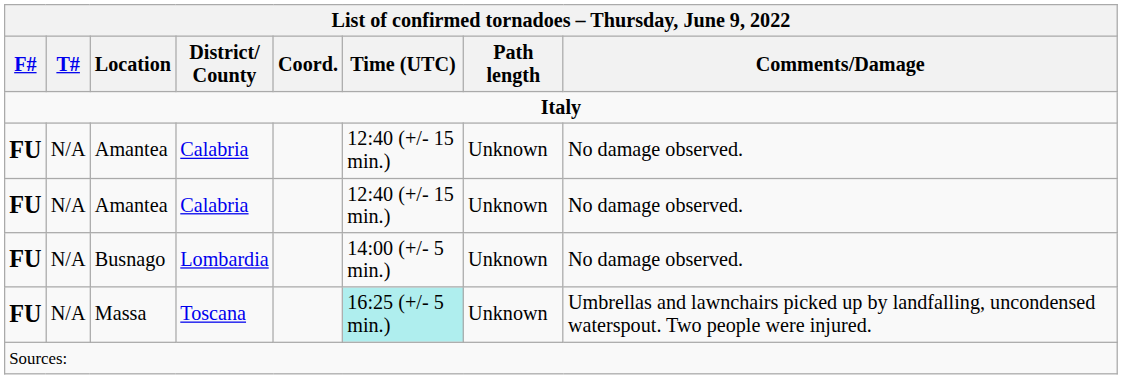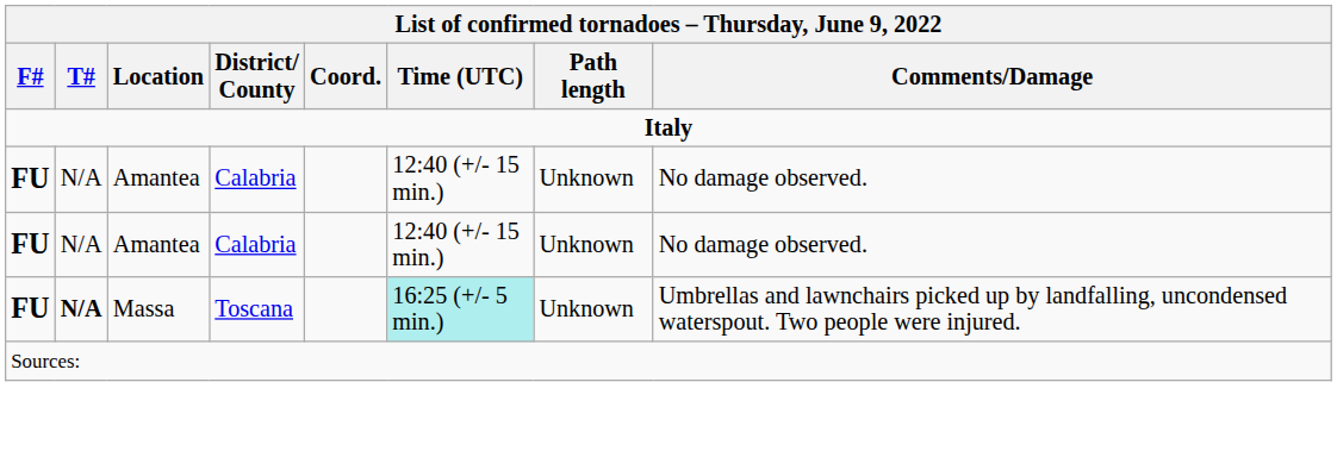 <table class="wikitable collapsible" width="100%">
 <tr>
 <th colspan="8">List of confirmed tornadoes – Thursday, June 9, 2022</th>
 </tr>
 <tr>
 <th><a href='#'>F#</a></th>
 <th><a href='#'>T#</a></th>
 <th>Location</th>
 <th>District/<br>County</th>
 <th>Coord.</th>
 <th>Time (UTC)</th>
 <th>Path length</th>
 <th>Comments/Damage</th>
 </tr>
 <tr>
 <td colspan="8" align=center><strong>Italy</strong></td>
 </tr>
 <tr>
 <td><big><strong>FU</strong></big></td>
 <td>N/A</td>
 <td>Amantea</td>
 <td><a href='#'>Calabria</a></td>
 <td></td>
 <td>12:40 (+/- 15 min.)</td>
 <td>Unknown</td>
 <td>No damage observed.</td>
 </tr>
 <tr>
 <td><big><strong>FU</strong></big></td>
 <td>N/A</td>
 <td>Amantea</td>
 <td><a href='#'>Calabria</a></td>
 <td></td>
 <td>12:40 (+/- 15 min.)</td>
 <td>Unknown</td>
 <td>No damage observed.</td>
 </tr>
 <tr>
 <td><big><strong>FU</strong></big></td>
-<td>N/A</td>
-<td>Busnago</td>
-<td><a href='#'>Lombardia</a></td>
-<td></td>
-<td>14:00 (+/- 5 min.)</td>
-<td>Unknown</td>
-<td>No damage observed.</td>
-</tr>
-<tr>
-<td><big><strong>FU</strong></big></td>
-<td>N/A</td>
+<td><strong>N/A</strong></td>
 <td>Massa</td>
 <td><a href='#'>Toscana</a></td>
 <td></td>
 <td style="background: paleturquoise;">16:25 (+/- 5 min.)</td>
 <td>Unknown</td>
 <td>Umbrellas and lawnchairs picked up by landfalling, uncondensed waterspout. Two people were injured.</td>
 </tr>
 <tr>
 <td colspan="8"><small>Sources:  </small></td>
 </tr>
 </table>
